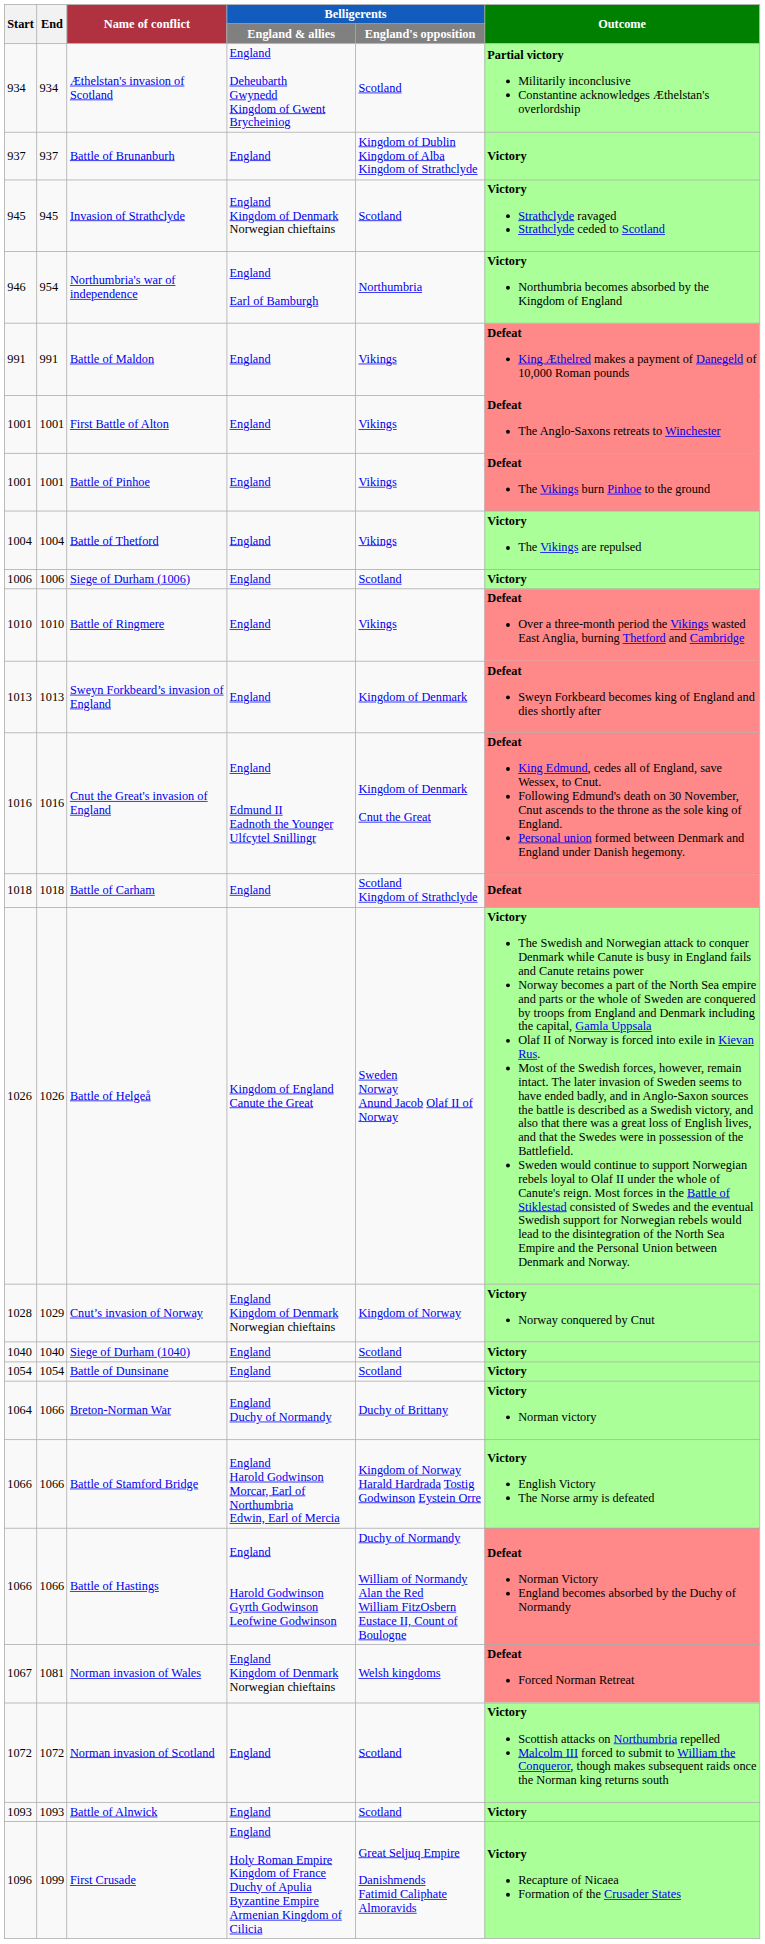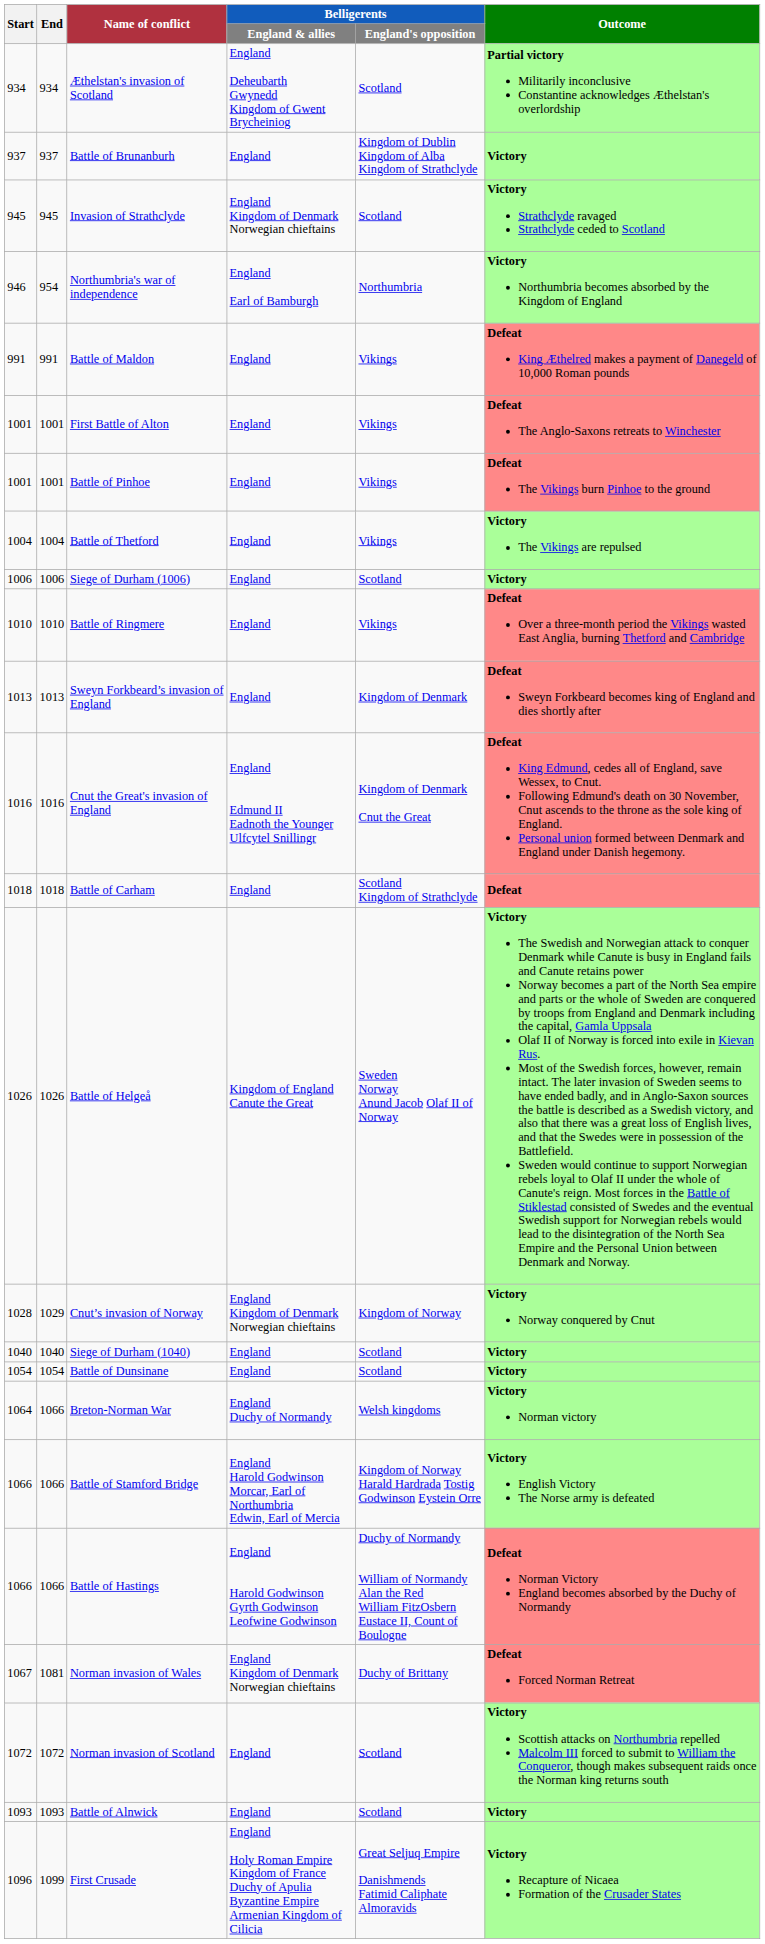 <table class="wikitable sortable">
 <tr>
 <th rowspan="2" width="25">Start</th>
 <th rowspan="2" width="25">End</th>
 <th style="color: white; background:#b0313f;" rowspan="2" width="200" class="unsortable">Name of conflict</th>
 <th style="color: white; background:#115cbc;" colspan="2" class="unsortable">Belligerents</th>
 <th style="color: white; background:green;" rowspan="2" width="350" class="unsortable">Outcome</th>
 </tr>
 <tr>
 <th style="color: white; background:gray;" width="160" class="unsortable">England & allies</th>
 <th style="color: white; background:gray;" width="160" class="unsortable">England's opposition</th>
 </tr>
 <tr>
 <td>934</td>
 <td>934</td>
 <td><a href='#'>Æthelstan's invasion of Scotland</a></td>
 <td> <a href='#'>England</a><br><br> <a href='#'>Deheubarth</a><br>  <a href='#'>Gwynedd</a><br> <a href='#'>Kingdom of Gwent</a><br> <a href='#'>Brycheiniog</a></td>
 <td> <a href='#'>Scotland</a></td>
 <td style="Background:#AF9"><strong>Partial victory</strong><br><ul><li>Militarily inconclusive</li><li>Constantine acknowledges Æthelstan's overlordship</li></ul></td>
 </tr>
 <tr>
 <td>937</td>
 <td>937</td>
 <td><a href='#'>Battle of Brunanburh</a></td>
 <td> <a href='#'>England</a></td>
 <td><a href='#'>Kingdom of Dublin</a><br><a href='#'>Kingdom of Alba</a>  <a href='#'>Kingdom of Strathclyde</a></td>
 <td style="Background:#AF9"><strong>Victory</strong></td>
 </tr>
 <tr>
 <td>945</td>
 <td>945</td>
 <td><a href='#'>Invasion of Strathclyde</a></td>
 <td> <a href='#'>England</a><br> <a href='#'>Kingdom of Denmark</a> Norwegian chieftains</td>
 <td> <a href='#'>Scotland</a><br></td>
 <td style="Background:#AF9"><strong>Victory</strong><br><ul><li><a href='#'>Strathclyde</a> ravaged</li><li><a href='#'>Strathclyde</a> ceded to <a href='#'>Scotland</a></li></ul></td>
 </tr>
 <tr>
 <td>946</td>
 <td>954</td>
 <td><a href='#'>Northumbria's war of independence</a></td>
 <td> <a href='#'>England</a><br><br><a href='#'>Earl of Bamburgh</a></td>
 <td><a href='#'>Northumbria</a></td>
 <td style="Background:#AF9"><strong>Victory</strong><br><ul><li>Northumbria becomes absorbed by the Kingdom of England</li></ul></td>
 </tr>
 <tr>
 <td>991</td>
 <td>991</td>
 <td><a href='#'>Battle of Maldon</a></td>
 <td> <a href='#'>England</a><br></td>
 <td> <a href='#'>Vikings</a></td>
 <td style="Background:#F88"><strong>Defeat</strong><br><ul><li><a href='#'>King Æthelred</a> makes a payment of <a href='#'>Danegeld</a> of 10,000 Roman pounds</li></ul></td>
 </tr>
 <tr>
 <td>1001</td>
 <td>1001</td>
 <td><a href='#'>First Battle of Alton</a></td>
 <td> <a href='#'>England</a></td>
 <td> <a href='#'>Vikings</a></td>
 <td style="Background:#F88"><strong>Defeat</strong><br><ul><li>The Anglo-Saxons retreats to <a href='#'>Winchester</a></li></ul></td>
 </tr>
 <tr>
 <td>1001</td>
 <td>1001</td>
 <td><a href='#'>Battle of Pinhoe</a></td>
 <td> <a href='#'>England</a></td>
 <td> <a href='#'>Vikings</a></td>
 <td style="Background:#F88"><strong>Defeat</strong><br><ul><li>The <a href='#'>Vikings</a> burn <a href='#'>Pinhoe</a> to the ground</li></ul></td>
 </tr>
 <tr>
 <td>1004</td>
 <td>1004</td>
 <td><a href='#'>Battle of Thetford</a></td>
 <td> <a href='#'>England</a></td>
 <td> <a href='#'>Vikings</a></td>
 <td style="Background:#AF9"><strong>Victory</strong><br><ul><li>The <a href='#'>Vikings</a> are repulsed</li></ul></td>
 </tr>
 <tr>
 <td>1006</td>
 <td>1006</td>
 <td><a href='#'>Siege of Durham (1006)</a></td>
 <td> <a href='#'>England</a><br></td>
 <td> <a href='#'>Scotland</a><br></td>
 <td style="Background:#AF9"><strong>Victory</strong></td>
 </tr>
 <tr>
 <td>1010</td>
 <td>1010</td>
 <td><a href='#'>Battle of Ringmere</a></td>
 <td> <a href='#'>England</a></td>
 <td> <a href='#'>Vikings</a></td>
 <td style="Background:#F88"><strong>Defeat</strong><br><ul><li>Over a three-month period the <a href='#'>Vikings</a> wasted East Anglia, burning <a href='#'>Thetford</a> and <a href='#'>Cambridge</a></li></ul></td>
 </tr>
 <tr>
 <td>1013</td>
 <td>1013</td>
 <td><a href='#'>Sweyn Forkbeard’s invasion of England</a></td>
 <td> <a href='#'>England</a></td>
 <td> <a href='#'>Kingdom of Denmark</a></td>
 <td style="Background:#F88"><strong>Defeat</strong><br><ul><li>Sweyn Forkbeard becomes king of England and dies shortly after</li></ul></td>
 </tr>
 <tr>
 <td>1016</td>
 <td>1016</td>
 <td><a href='#'>Cnut the Great's invasion of England</a></td>
 <td> <a href='#'>England</a><br><br><br><a href='#'>Edmund II</a><br><a href='#'>Eadnoth the Younger</a><br><a href='#'>Ulfcytel Snillingr</a></td>
 <td> <a href='#'>Kingdom of Denmark</a><br><br><a href='#'>Cnut the Great</a></td>
 <td style="Background:#F88"><strong>Defeat</strong><br><ul><li><a href='#'>King Edmund</a>, cedes all of England, save Wessex, to Cnut.</li><li>Following Edmund's death on 30 November,  Cnut ascends to the throne as the sole king of England.</li><li><a href='#'>Personal union</a> formed between Denmark and England under Danish hegemony.</li></ul></td>
 </tr>
 <tr>
 <td>1018</td>
 <td>1018</td>
 <td><a href='#'>Battle of Carham</a></td>
 <td> <a href='#'>England</a></td>
 <td> <a href='#'>Scotland</a><br><a href='#'>Kingdom of Strathclyde</a></td>
 <td style="Background:#F88"><strong>Defeat</strong></td>
 </tr>
 <tr>
 <td>1026</td>
 <td>1026</td>
 <td><a href='#'>Battle of Helgeå</a></td>
 <td> <a href='#'>Kingdom of England</a><br><a href='#'>Canute the Great</a></td>
 <td> <a href='#'>Sweden</a><br> <a href='#'>Norway</a><br><a href='#'>Anund Jacob</a> <a href='#'>Olaf II of Norway</a></td>
 <td style="Background:#AF9"><strong>Victory</strong><br><ul><li>The Swedish and Norwegian attack to conquer Denmark while Canute is busy in England fails and Canute retains power</li><li>Norway becomes a part of the North Sea empire and parts or the whole of Sweden are conquered by troops from England and Denmark including the capital, <a href='#'>Gamla Uppsala</a></li><li>Olaf II of Norway is forced into exile in <a href='#'>Kievan Rus</a>.</li><li>Most of the Swedish forces, however, remain intact. The later invasion of Sweden seems to have ended badly, and in Anglo-Saxon sources the battle is described as a Swedish victory, and also that there was a great loss of English lives, and that the Swedes were in possession of the Battlefield.</li><li>Sweden would continue to support Norwegian rebels loyal to Olaf II under the whole of Canute's reign. Most forces in the <a href='#'>Battle of Stiklestad</a> consisted of Swedes and the eventual Swedish support for Norwegian rebels would lead to the disintegration of the North Sea Empire and the Personal Union between Denmark and Norway.</li></ul></td>
 </tr>
 <tr>
 <td>1028</td>
 <td>1029</td>
 <td><a href='#'>Cnut’s invasion of Norway</a></td>
 <td> <a href='#'>England</a><br> <a href='#'>Kingdom of Denmark</a> Norwegian chieftains</td>
 <td> <a href='#'>Kingdom of Norway</a></td>
 <td style="Background:#AF9"><strong>Victory</strong><br><ul><li>Norway conquered by Cnut</li></ul></td>
 </tr>
 <tr>
 <td>1040</td>
 <td>1040</td>
 <td><a href='#'>Siege of Durham (1040)</a></td>
 <td> <a href='#'>England</a></td>
 <td> <a href='#'>Scotland</a></td>
 <td style="Background:#AF9"><strong>Victory</strong></td>
 </tr>
 <tr>
 <td>1054</td>
 <td>1054</td>
 <td><a href='#'>Battle of Dunsinane</a></td>
 <td> <a href='#'>England</a></td>
 <td> <a href='#'>Scotland</a></td>
 <td style="Background:#AF9"><strong>Victory</strong></td>
 </tr>
 <tr>
 <td>1064</td>
 <td>1066</td>
 <td><a href='#'>Breton-Norman War</a></td>
 <td> <a href='#'>England</a><br> <a href='#'>Duchy of Normandy</a><br></td>
-<td> <a href='#'>Duchy of Brittany</a></td>
+<td><a href='#'>Welsh kingdoms</a></td>
 <td style="Background:#AF9"><strong>Victory</strong><br><ul><li>Norman victory</li></ul></td>
 </tr>
 <tr>
 <td>1066</td>
 <td>1066</td>
 <td><a href='#'>Battle of Stamford Bridge</a></td>
 <td><br> <a href='#'>England</a><br><a href='#'>Harold Godwinson</a><br> <a href='#'>Morcar, Earl of Northumbria</a><br> <a href='#'>Edwin, Earl of Mercia</a></td>
 <td> <a href='#'>Kingdom of Norway</a><br><a href='#'>Harald Hardrada</a> <a href='#'>Tostig Godwinson</a>  <a href='#'>Eystein Orre</a></td>
 <td style="Background:#AF9"><strong>Victory</strong><br><ul><li>English Victory</li><li>The Norse army is defeated</li></ul></td>
 </tr>
 <tr>
 <td>1066</td>
 <td>1066</td>
 <td><a href='#'>Battle of Hastings</a></td>
 <td> <a href='#'>England</a><br><br><br><a href='#'>Harold Godwinson</a><br><a href='#'>Gyrth Godwinson</a><br><a href='#'>Leofwine Godwinson</a></td>
 <td> <a href='#'>Duchy of Normandy</a><br><br><br><a href='#'>William of Normandy</a><br><a href='#'>Alan the Red</a><br><a href='#'>William FitzOsbern</a><br><a href='#'>Eustace II, Count of Boulogne</a></td>
 <td style="Background:#F88"><strong>Defeat</strong><br><ul><li>Norman Victory</li><li>England becomes absorbed by the Duchy of Normandy</li></ul></td>
 </tr>
 <tr>
 <td>1067</td>
 <td>1081</td>
 <td><a href='#'>Norman invasion of Wales</a></td>
 <td> <a href='#'>England</a><br> <a href='#'>Kingdom of Denmark</a> Norwegian chieftains</td>
-<td><a href='#'>Welsh kingdoms</a></td>
+<td> <a href='#'>Duchy of Brittany</a></td>
 <td style="Background:#F88"><strong>Defeat</strong><br><ul><li>Forced Norman Retreat</li></ul></td>
 </tr>
 <tr>
 <td>1072</td>
 <td>1072</td>
 <td><a href='#'>Norman invasion of Scotland</a></td>
 <td> <a href='#'>England</a></td>
 <td> <a href='#'>Scotland</a><br></td>
 <td style="Background:#AF9"><strong>Victory</strong><br><ul><li>Scottish attacks on <a href='#'>Northumbria</a> repelled</li><li><a href='#'>Malcolm III</a> forced to submit to <a href='#'>William the Conqueror</a>, though makes subsequent raids once the Norman king returns south</li></ul></td>
 </tr>
 <tr>
 <td>1093</td>
 <td>1093</td>
 <td><a href='#'>Battle of Alnwick</a></td>
 <td> <a href='#'>England</a><br></td>
 <td> <a href='#'>Scotland</a><br></td>
 <td style="Background:#AF9"><strong>Victory</strong></td>
 </tr>
 <tr>
 <td>1096</td>
 <td>1099</td>
 <td><a href='#'>First Crusade</a></td>
 <td> <a href='#'>England</a><br><br><a href='#'>Holy Roman Empire</a><br> <a href='#'>Kingdom of France</a><br> <a href='#'>Duchy of Apulia</a><br> <a href='#'>Byzantine Empire</a><br> <a href='#'>Armenian Kingdom of Cilicia</a></td>
 <td><a href='#'>Great Seljuq Empire</a><br><br><a href='#'>Danishmends</a><br> <a href='#'>Fatimid Caliphate</a><br> <a href='#'>Almoravids</a></td>
 <td style="Background:#AF9"><strong>Victory</strong><br><ul><li>Recapture of Nicaea</li><li>Formation of the <a href='#'>Crusader States</a></li></ul></td>
 </tr>
 </table>
